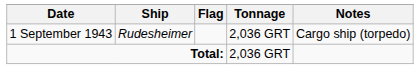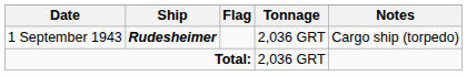 <table class=wikitable style="margin: 1em auto;">
 <tr>
 </tr>
 <tr>
 <th>Date</th>
 <th>Ship</th>
 <th>Flag</th>
 <th>Tonnage</th>
 <th>Notes</th>
 </tr>
 <tr>
 <td>1 September 1943</td>
-<td><em>Rudesheimer</em></td>
+<td><strong><em>Rudesheimer</em></strong></td>
 <td></td>
 <td>2,036 GRT</td>
 <td>Cargo ship (torpedo)</td>
 </tr>
 <tr>
 <td colspan=3 align=right><strong>Total:</strong></td>
 <td>2,036 GRT</td>
 <td></td>
 </tr>
 </table>
